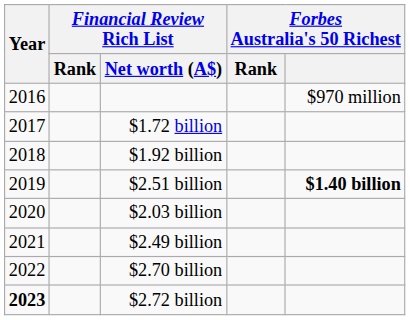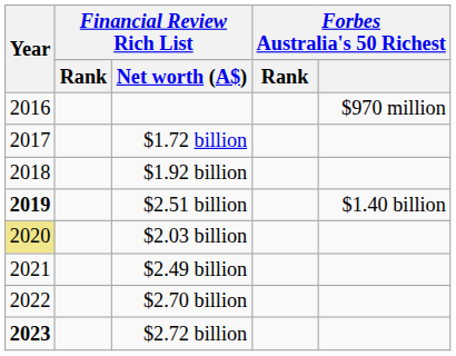 <table class="wikitable">
 <tr>
 <th rowspan=2>Year</th>
 <th colspan=2><em><a href='#'>Financial Review</a></em><br><a href='#'>Rich List</a></th>
 <th colspan=2><em><a href='#'>Forbes</a></em><br><a href='#'>Australia's 50 Richest</a></th>
 </tr>
 <tr>
 <th>Rank</th>
 <th><a href='#'>Net worth</a> (<a href='#'>A$</a>)</th>
 <th>Rank</th>
 <th></th>
 </tr>
 <tr>
 <td>2016</td>
 <td align="center"></td>
 <td align="right"></td>
 <td align="center"></td>
 <td align="right">$970 million </td>
 </tr>
 <tr>
 <td>2017</td>
 <td align="center"></td>
 <td align="right">$1.72 <a href='#'>billion</a></td>
 <td align="center"></td>
 <td align="right"></td>
 </tr>
 <tr>
 <td>2018</td>
 <td align="center"></td>
 <td align="right">$1.92 billion </td>
 <td align="center"></td>
 <td align="right"></td>
 </tr>
 <tr>
-<td>2019</td>
+<td><strong>2019</strong></td>
 <td align="center"></td>
 <td align="right">$2.51 billion </td>
 <td align="center"></td>
-<td align="right"><strong>$1.40 billion </strong></td>
+<td align="right">$1.40 billion </td>
 </tr>
 <tr>
-<td>2020</td>
+<td style="background: khaki;">2020</td>
 <td align="center"></td>
 <td align="right">$2.03 billion </td>
 <td align="center"></td>
 <td align="right"></td>
 </tr>
 <tr>
 <td>2021</td>
 <td align="center"></td>
 <td align="right">$2.49 billion </td>
 <td align="center"></td>
 <td align="right"></td>
 </tr>
 <tr>
 <td>2022</td>
 <td align="center"></td>
 <td align="right">$2.70 billion </td>
 <td align="center"></td>
 <td align="right"></td>
 </tr>
 <tr>
 <td><strong>2023</strong></td>
 <td align="center"></td>
 <td align="right">$2.72 billion </td>
 <td align="center"></td>
 <td align="right"></td>
 </tr>
 </table>
